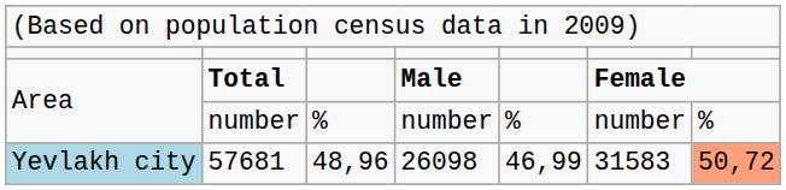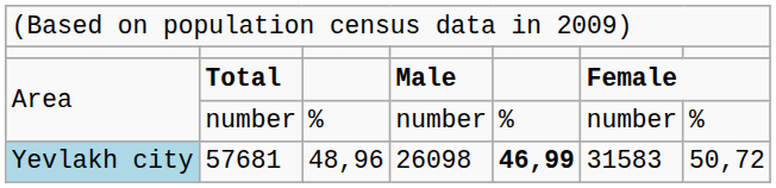 <table class="wikitable">
 <tr>
 <td colspan="7">(Based  on population census data in 2009)</td>
 </tr>
 <tr>
 <td></td>
 <td></td>
 <td></td>
 <td></td>
 <td></td>
 <td></td>
 <td></td>
 </tr>
 <tr>
 <td rowspan="2">Area</td>
 <td><strong>Total</strong></td>
 <td></td>
 <td><strong>Male</strong></td>
 <td></td>
 <td colspan="2"><strong>Female</strong></td>
 </tr>
 <tr>
 <td>number</td>
 <td>%</td>
 <td>number</td>
 <td>%</td>
 <td>number</td>
 <td>%</td>
 </tr>
 <tr>
 <td style="background: lightblue;">Yevlakh  city</td>
 <td>57681</td>
 <td>48,96</td>
 <td>26098</td>
-<td>46,99</td>
+<td><strong>46,99</strong></td>
 <td>31583</td>
-<td style="background: lightsalmon;">50,72</td>
+<td>50,72</td>
 </tr>
 </table>
